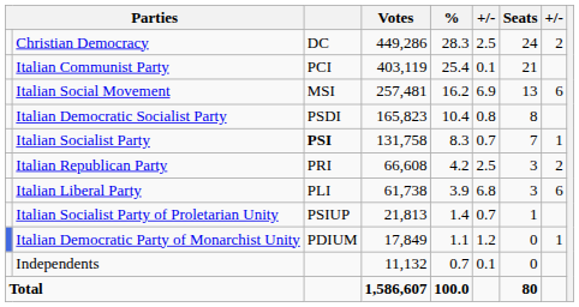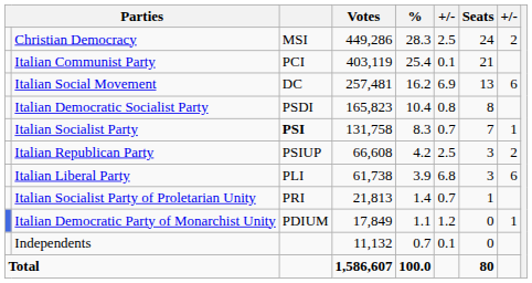 <table class="wikitable">
 <tr>
 <th colspan="2">Parties</th>
 <th></th>
 <th>Votes</th>
 <th>%</th>
 <th>+/-</th>
 <th>Seats</th>
 <th>+/-</th>
 <th rowspan="13"></th>
 </tr>
 <tr>
 <td style="background-color:"></td>
 <td><a href='#'>Christian Democracy</a></td>
-<td>DC</td>
+<td>MSI</td>
 <td align=right>449,286</td>
 <td align=right>28.3</td>
 <td align=right> 2.5</td>
 <td align=right>24</td>
 <td align=right> 2</td>
 </tr>
 <tr>
 <td style="background-color:"></td>
 <td><a href='#'>Italian Communist Party</a></td>
 <td>PCI</td>
 <td align=right>403,119</td>
 <td align=right>25.4</td>
 <td align=right> 0.1</td>
 <td align=right>21</td>
 <td align=right></td>
 </tr>
 <tr>
 <td style="background-color:"></td>
 <td><a href='#'>Italian Social Movement</a></td>
-<td>MSI</td>
+<td>DC</td>
 <td align=right>257,481</td>
 <td align=right>16.2</td>
 <td align=right> 6.9</td>
 <td align=right>13</td>
 <td align=right> 6</td>
 </tr>
 <tr>
 <td style="background-color:"></td>
 <td><a href='#'>Italian Democratic Socialist Party</a></td>
 <td>PSDI</td>
 <td align=right>165,823</td>
 <td align=right>10.4</td>
 <td align=right> 0.8</td>
 <td align=right>8</td>
 <td align=right></td>
 </tr>
 <tr>
 <td style="background-color:"></td>
 <td><a href='#'>Italian Socialist Party</a></td>
 <td><strong>PSI</strong></td>
 <td align=right>131,758</td>
 <td align=right>8.3</td>
 <td align=right> 0.7</td>
 <td align=right>7</td>
 <td align=right> 1</td>
 </tr>
 <tr>
 <td style="background-color:"></td>
 <td><a href='#'>Italian Republican Party</a></td>
-<td>PRI</td>
+<td>PSIUP</td>
 <td align=right>66,608</td>
 <td align=right>4.2</td>
 <td align=right> 2.5</td>
 <td align=right>3</td>
 <td align=right> 2</td>
 </tr>
 <tr>
 <td style="background-color:"></td>
 <td><a href='#'>Italian Liberal Party</a></td>
 <td>PLI</td>
 <td align=right>61,738</td>
 <td align=right>3.9</td>
 <td align=right> 6.8</td>
 <td align=right>3</td>
 <td align=right> 6</td>
 </tr>
 <tr>
 <td style="background-color:"></td>
 <td><a href='#'>Italian Socialist Party of Proletarian Unity</a></td>
-<td>PSIUP</td>
+<td>PRI</td>
 <td align=right>21,813</td>
 <td align=right>1.4</td>
 <td align=right> 0.7</td>
 <td align=right>1</td>
 <td align=right></td>
 </tr>
 <tr>
 <td style="background-color:royalblue"></td>
 <td><a href='#'>Italian Democratic Party of Monarchist Unity</a></td>
 <td>PDIUM</td>
 <td align=right>17,849</td>
 <td align=right>1.1</td>
 <td align=right> 1.2</td>
 <td align=right>0</td>
 <td align=right> 1</td>
 </tr>
 <tr>
 <td style="background-color:"></td>
 <td>Independents</td>
 <td></td>
 <td align=right>11,132</td>
 <td align=right>0.7</td>
 <td align=right> 0.1</td>
 <td align=right>0</td>
 <td align=right></td>
 </tr>
 <tr>
 <td colspan="2"><strong>Total</strong></td>
 <td></td>
 <td align=right><strong>1,586,607</strong></td>
 <td align=right><strong>100.0</strong></td>
 <td></td>
 <td align=right><strong>80</strong></td>
 <td></td>
 </tr>
 </table>
